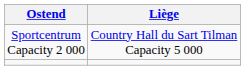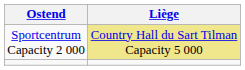 <table class="wikitable" style="text-align:center;">
 <tr>
 <th><a href='#'>Ostend</a></th>
 <th><a href='#'>Liège</a></th>
 </tr>
 <tr>
 <td><a href='#'>Sportcentrum</a><br>Capacity 2 000</td>
-<td><a href='#'>Country Hall du Sart Tilman</a><br>Capacity 5 000</td>
+<td style="background: khaki;"><a href='#'>Country Hall du Sart Tilman</a><br>Capacity 5 000</td>
 </tr>
 <tr>
 <td></td>
 <td></td>
 </tr>
 </table>
